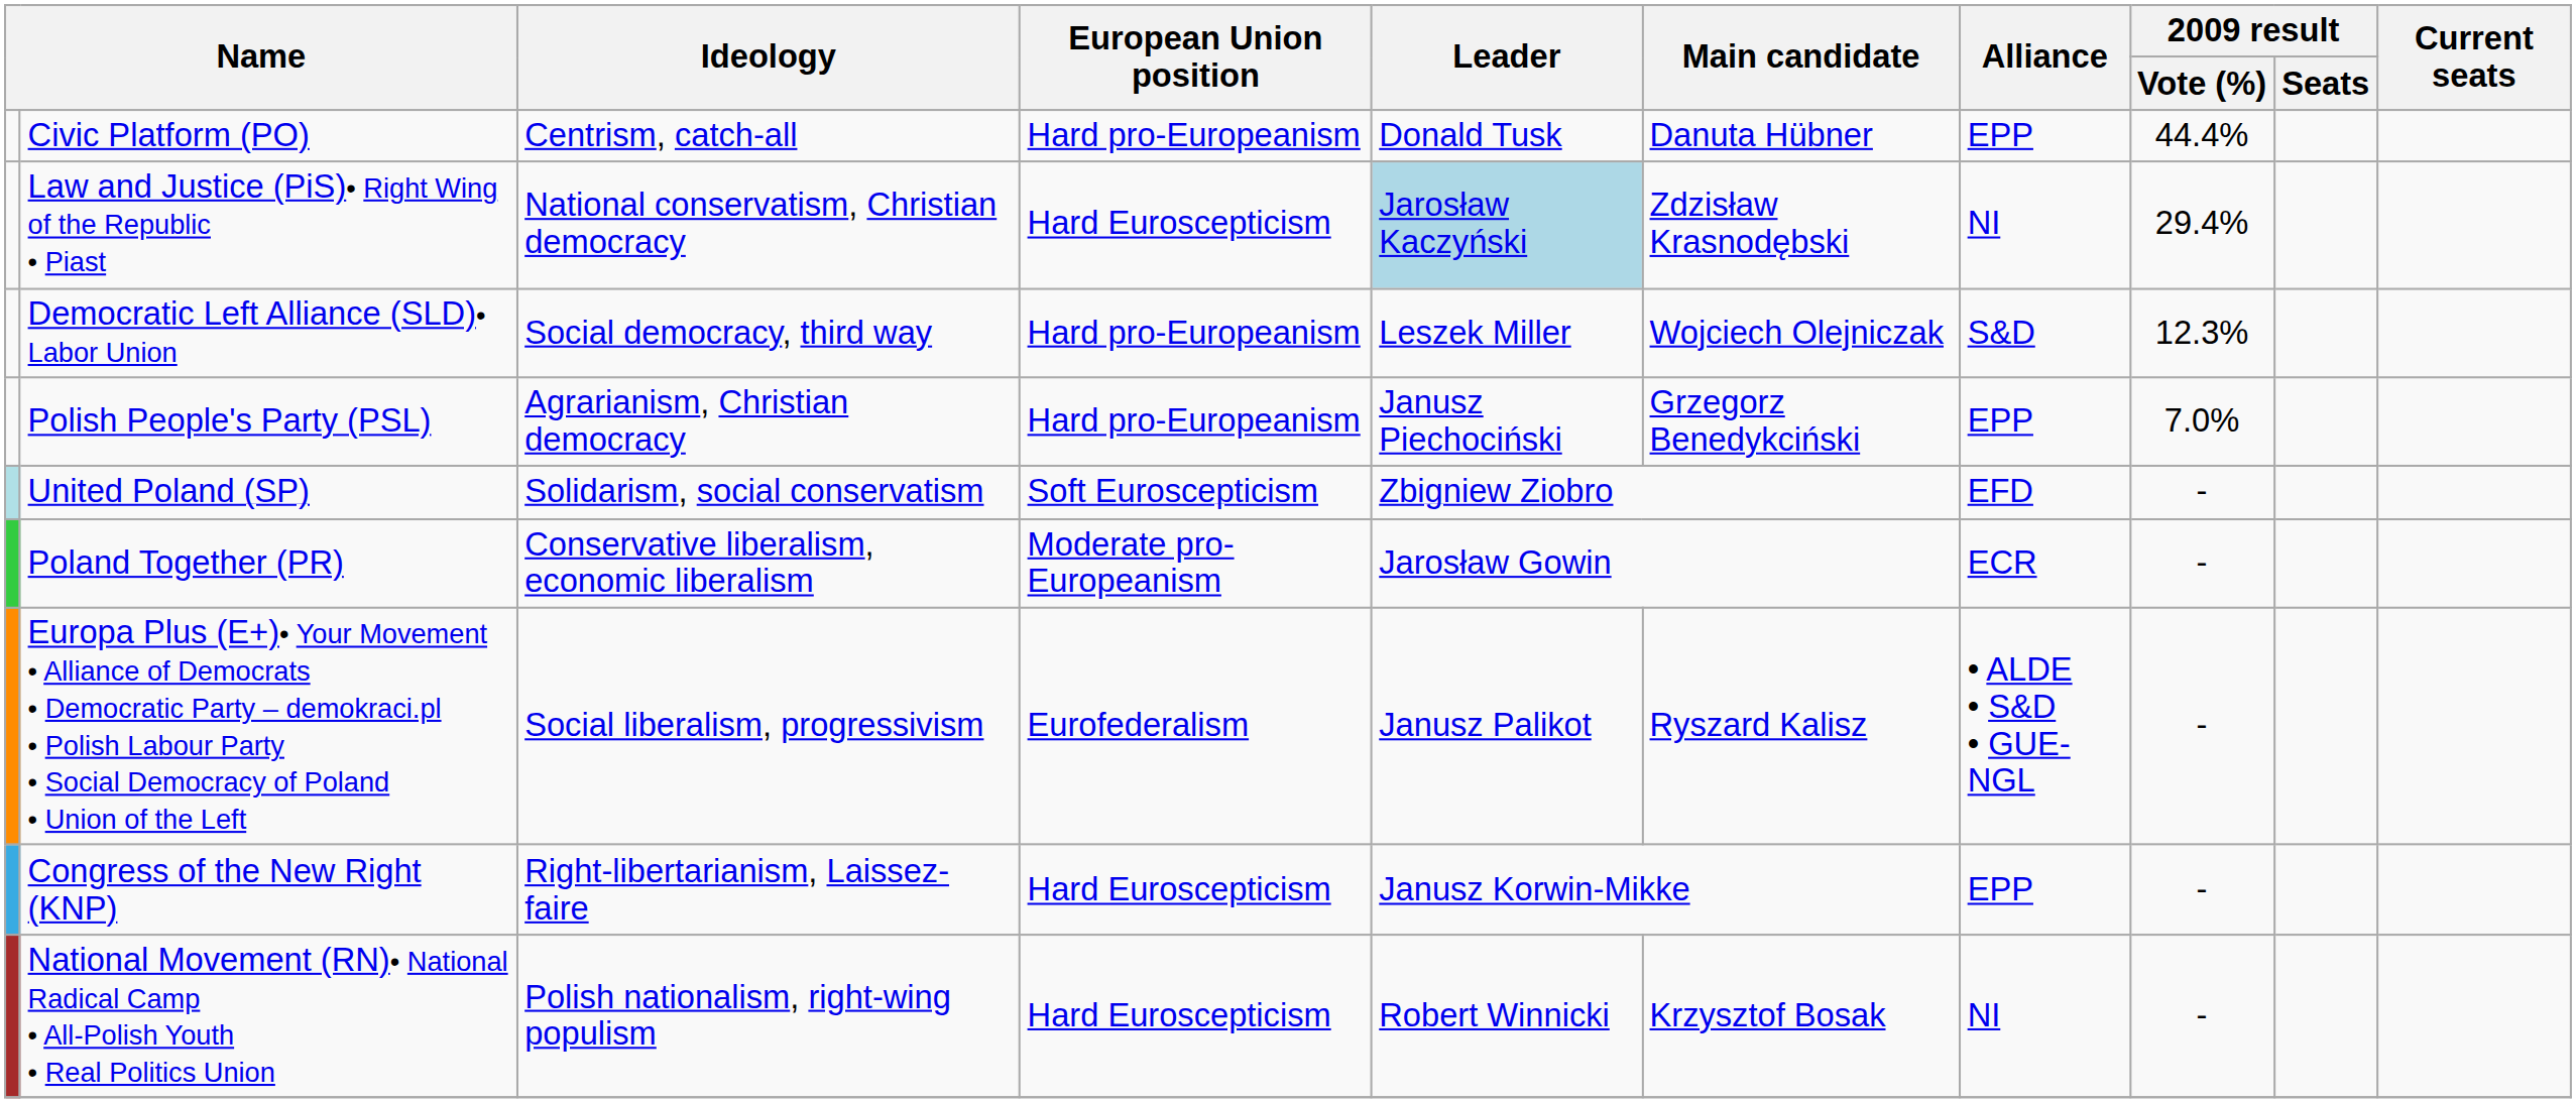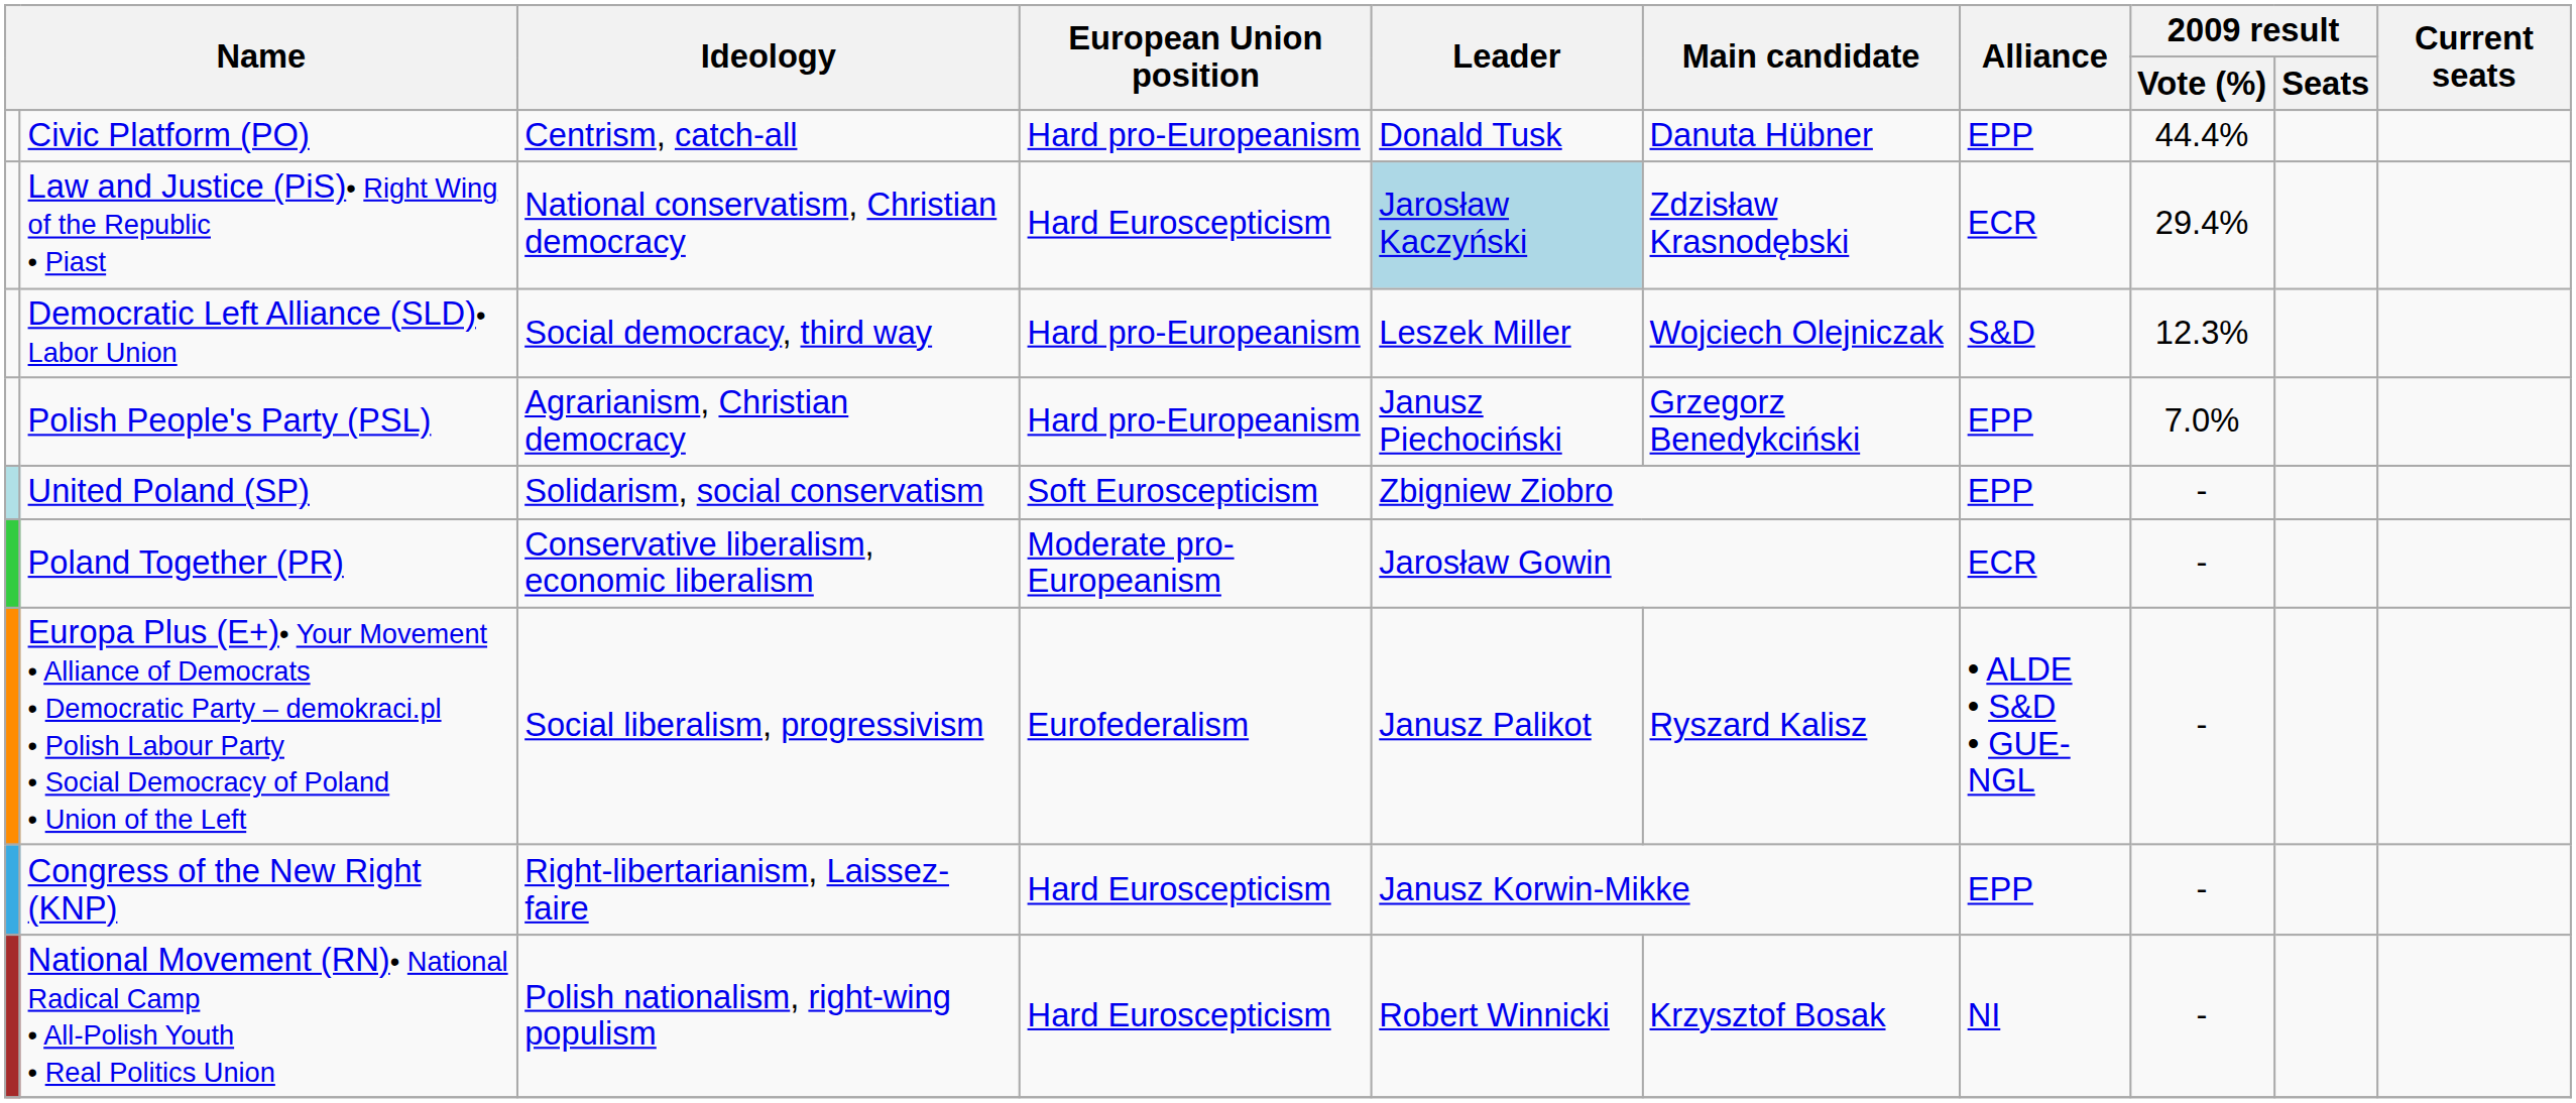 <table class="wikitable mw-collapsible">
 <tr>
 <th rowspan="2" colspan="2">Name</th>
 <th rowspan="2">Ideology</th>
 <th rowspan="2">European Union position</th>
 <th rowspan="2">Leader</th>
 <th rowspan="2">Main candidate</th>
 <th rowspan="2">Alliance</th>
 <th colspan="2">2009 result</th>
 <th rowspan="2">Current seats</th>
 </tr>
 <tr>
 <th>Vote (%)</th>
 <th>Seats</th>
 </tr>
 <tr>
 <td style="background:"></td>
 <td><a href='#'>Civic Platform (PO)</a></td>
 <td><a href='#'>Centrism</a>, <a href='#'>catch-all</a></td>
 <td><a href='#'>Hard pro-Europeanism</a></td>
 <td><a href='#'>Donald Tusk</a></td>
 <td><a href='#'>Danuta Hübner</a></td>
 <td><a href='#'>EPP</a></td>
 <td style="text-align:center;">44.4%</td>
 <td></td>
 <td></td>
 </tr>
 <tr>
 <td style="background:"></td>
 <td><a href='#'>Law and Justice (PiS)</a><small>• <a href='#'>Right Wing of the Republic</a><br>• <a href='#'>Piast</a></small></td>
 <td><a href='#'>National conservatism</a>, <a href='#'>Christian democracy</a></td>
 <td><a href='#'>Hard Euroscepticism</a></td>
 <td style="background: lightblue;"><a href='#'>Jarosław Kaczyński</a></td>
 <td><a href='#'>Zdzisław Krasnodębski</a></td>
-<td><a href='#'>NI</a></td>
+<td><a href='#'>ECR</a></td>
 <td style="text-align:center;">29.4%</td>
 <td></td>
 <td></td>
 </tr>
 <tr>
 <td style="background:"></td>
 <td><a href='#'>Democratic Left Alliance (SLD)</a><small>• <a href='#'>Labor Union</a></small></td>
 <td><a href='#'>Social democracy</a>, <a href='#'>third way</a></td>
 <td><a href='#'>Hard pro-Europeanism</a></td>
 <td><a href='#'>Leszek Miller</a></td>
 <td><a href='#'>Wojciech Olejniczak</a></td>
 <td><a href='#'>S&D</a></td>
 <td style="text-align:center;">12.3%</td>
 <td></td>
 <td></td>
 </tr>
 <tr>
 <td style="background:"></td>
 <td><a href='#'>Polish People's Party (PSL)</a></td>
 <td><a href='#'>Agrarianism</a>, <a href='#'>Christian democracy</a></td>
 <td><a href='#'>Hard pro-Europeanism</a></td>
 <td><a href='#'>Janusz Piechociński</a></td>
 <td><a href='#'>Grzegorz Benedykciński</a></td>
 <td><a href='#'>EPP</a></td>
 <td style="text-align:center;">7.0%</td>
 <td></td>
 <td></td>
 </tr>
 <tr>
 <td style="background:#B0E0E6;"></td>
 <td><a href='#'>United Poland (SP)</a></td>
 <td><a href='#'>Solidarism</a>, <a href='#'>social conservatism</a></td>
 <td><a href='#'>Soft Euroscepticism</a></td>
 <td colspan=2><a href='#'>Zbigniew Ziobro</a></td>
-<td><a href='#'>EFD</a></td>
+<td><a href='#'>EPP</a></td>
 <td style="text-align:center;">-</td>
 <td></td>
 <td></td>
 </tr>
 <tr>
 <td style="background:#33CC40;"></td>
 <td><a href='#'>Poland Together (PR)</a></td>
 <td><a href='#'>Conservative liberalism</a>, <a href='#'>economic liberalism</a></td>
 <td><a href='#'>Moderate pro-Europeanism</a></td>
 <td colspan=2><a href='#'>Jarosław Gowin</a></td>
 <td><a href='#'>ECR</a></td>
 <td style="text-align:center;">-</td>
 <td></td>
 <td></td>
 </tr>
 <tr>
 <td style="background:#FF8C00;"></td>
 <td><a href='#'>Europa Plus (E+)</a><small>• <a href='#'>Your Movement</a><br>• <a href='#'>Alliance of Democrats</a><br>• <a href='#'>Democratic Party – demokraci.pl</a><br>• <a href='#'>Polish Labour Party</a><br>• <a href='#'>Social Democracy of Poland</a><br>• <a href='#'>Union of the Left</a></small></td>
 <td><a href='#'>Social liberalism</a>, <a href='#'>progressivism</a></td>
 <td><a href='#'>Eurofederalism</a></td>
 <td><a href='#'>Janusz Palikot</a></td>
 <td><a href='#'>Ryszard Kalisz</a></td>
 <td>• <a href='#'>ALDE</a><br>• <a href='#'>S&D</a><br>• <a href='#'>GUE-NGL</a></td>
 <td style="text-align:center;">-</td>
 <td></td>
 <td></td>
 </tr>
 <tr>
 <td style="background:#38ABE2;"></td>
 <td><a href='#'>Congress of the New Right (KNP)</a></td>
 <td><a href='#'>Right-libertarianism</a>, <a href='#'>Laissez-faire</a></td>
 <td><a href='#'>Hard Euroscepticism</a></td>
 <td colspan=2><a href='#'>Janusz Korwin-Mikke</a></td>
 <td><a href='#'>EPP</a></td>
 <td style="text-align:center;">-</td>
 <td></td>
 <td></td>
 </tr>
 <tr>
 <td style="background:#A52A2A;"></td>
 <td><a href='#'>National Movement (RN)</a><small>• <a href='#'>National Radical Camp</a><br>• <a href='#'>All-Polish Youth</a><br>• <a href='#'>Real Politics Union</a></small></td>
 <td><a href='#'>Polish nationalism</a>, <a href='#'>right-wing populism</a></td>
 <td><a href='#'>Hard Euroscepticism</a></td>
 <td><a href='#'>Robert Winnicki</a></td>
 <td><a href='#'>Krzysztof Bosak</a></td>
 <td><a href='#'>NI</a></td>
 <td style="text-align:center;">-</td>
 <td></td>
 <td></td>
 </tr>
 <tr>
 </tr>
 </table>
